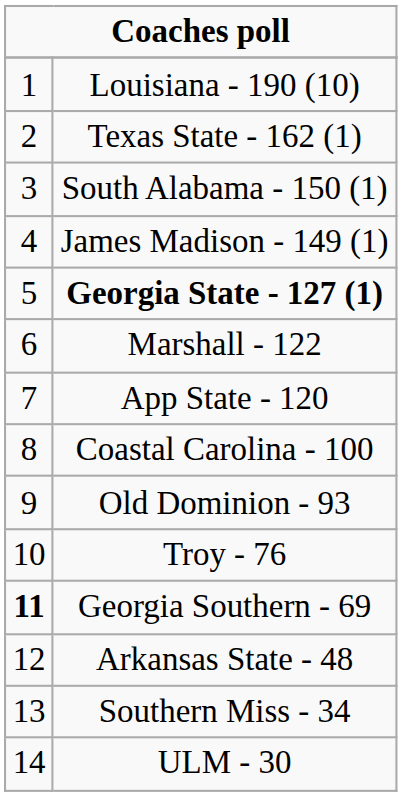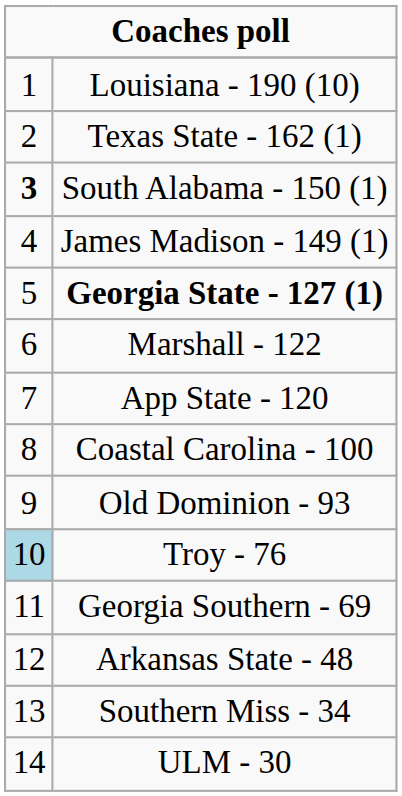 <table class="wikitable" style="display: inline-table;">
 <tr>
 <td align="center" Colspan="3"><strong>Coaches poll</strong></td>
 </tr>
 <tr align="center">
 </tr>
 <tr align="center">
 <td>1</td>
 <td>Louisiana - 190 (10)</td>
 </tr>
 <tr align="center">
 <td>2</td>
 <td>Texas State - 162 (1)</td>
 </tr>
 <tr align="center">
-<td>3</td>
+<td><strong>3</strong></td>
 <td>South Alabama - 150 (1)</td>
 </tr>
 <tr align="center">
 <td>4</td>
 <td>James Madison - 149 (1)</td>
 </tr>
 <tr align="center">
 <td>5</td>
 <td><strong>Georgia State - 127 (1)</strong></td>
 </tr>
 <tr align="center">
 <td>6</td>
 <td>Marshall - 122</td>
 </tr>
 <tr align="center">
 <td>7</td>
 <td>App State - 120</td>
 </tr>
 <tr align="center">
 <td>8</td>
 <td>Coastal Carolina - 100</td>
 </tr>
 <tr align="center">
 <td>9</td>
 <td>Old Dominion - 93</td>
 </tr>
 <tr align="center">
-<td>10</td>
+<td style="background: lightblue;">10</td>
 <td>Troy - 76</td>
 </tr>
 <tr align="center">
-<td><strong>11</strong></td>
+<td>11</td>
 <td>Georgia Southern - 69</td>
 </tr>
 <tr align="center">
 <td>12</td>
 <td>Arkansas State - 48</td>
 </tr>
 <tr align="center">
 <td>13</td>
 <td>Southern Miss - 34</td>
 </tr>
 <tr align="center">
 <td>14</td>
 <td>ULM - 30</td>
 </tr>
 </table>
